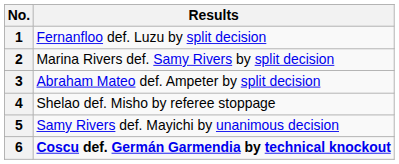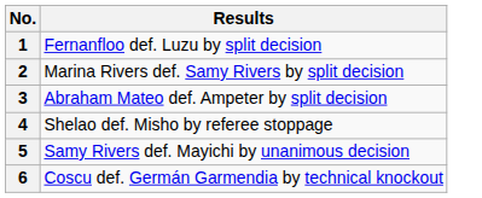 <table class="wikitable">
 <tr>
 <th>No.</th>
 <th>Results</th>
 </tr>
 <tr>
 <th>1</th>
 <td><a href='#'>Fernanfloo</a> def. Luzu by <a href='#'>split decision</a></td>
 </tr>
 <tr>
 <th>2</th>
 <td>Marina Rivers def. <a href='#'>Samy Rivers</a> by <a href='#'>split decision</a></td>
 </tr>
 <tr>
 <th>3</th>
 <td><a href='#'>Abraham Mateo</a> def. Ampeter by <a href='#'>split decision</a></td>
 </tr>
 <tr>
 <th>4</th>
 <td>Shelao def. Misho by referee stoppage</td>
 </tr>
 <tr>
 <th>5</th>
 <td><a href='#'>Samy Rivers</a> def. Mayichi by <a href='#'>unanimous decision</a></td>
 </tr>
 <tr>
 <th>6</th>
-<td><strong><a href='#'>Coscu</a> def. <a href='#'>Germán Garmendia</a> by <a href='#'>technical knockout</a></strong></td>
+<td><a href='#'>Coscu</a> def. <a href='#'>Germán Garmendia</a> by <a href='#'>technical knockout</a></td>
 </tr>
 </table>
